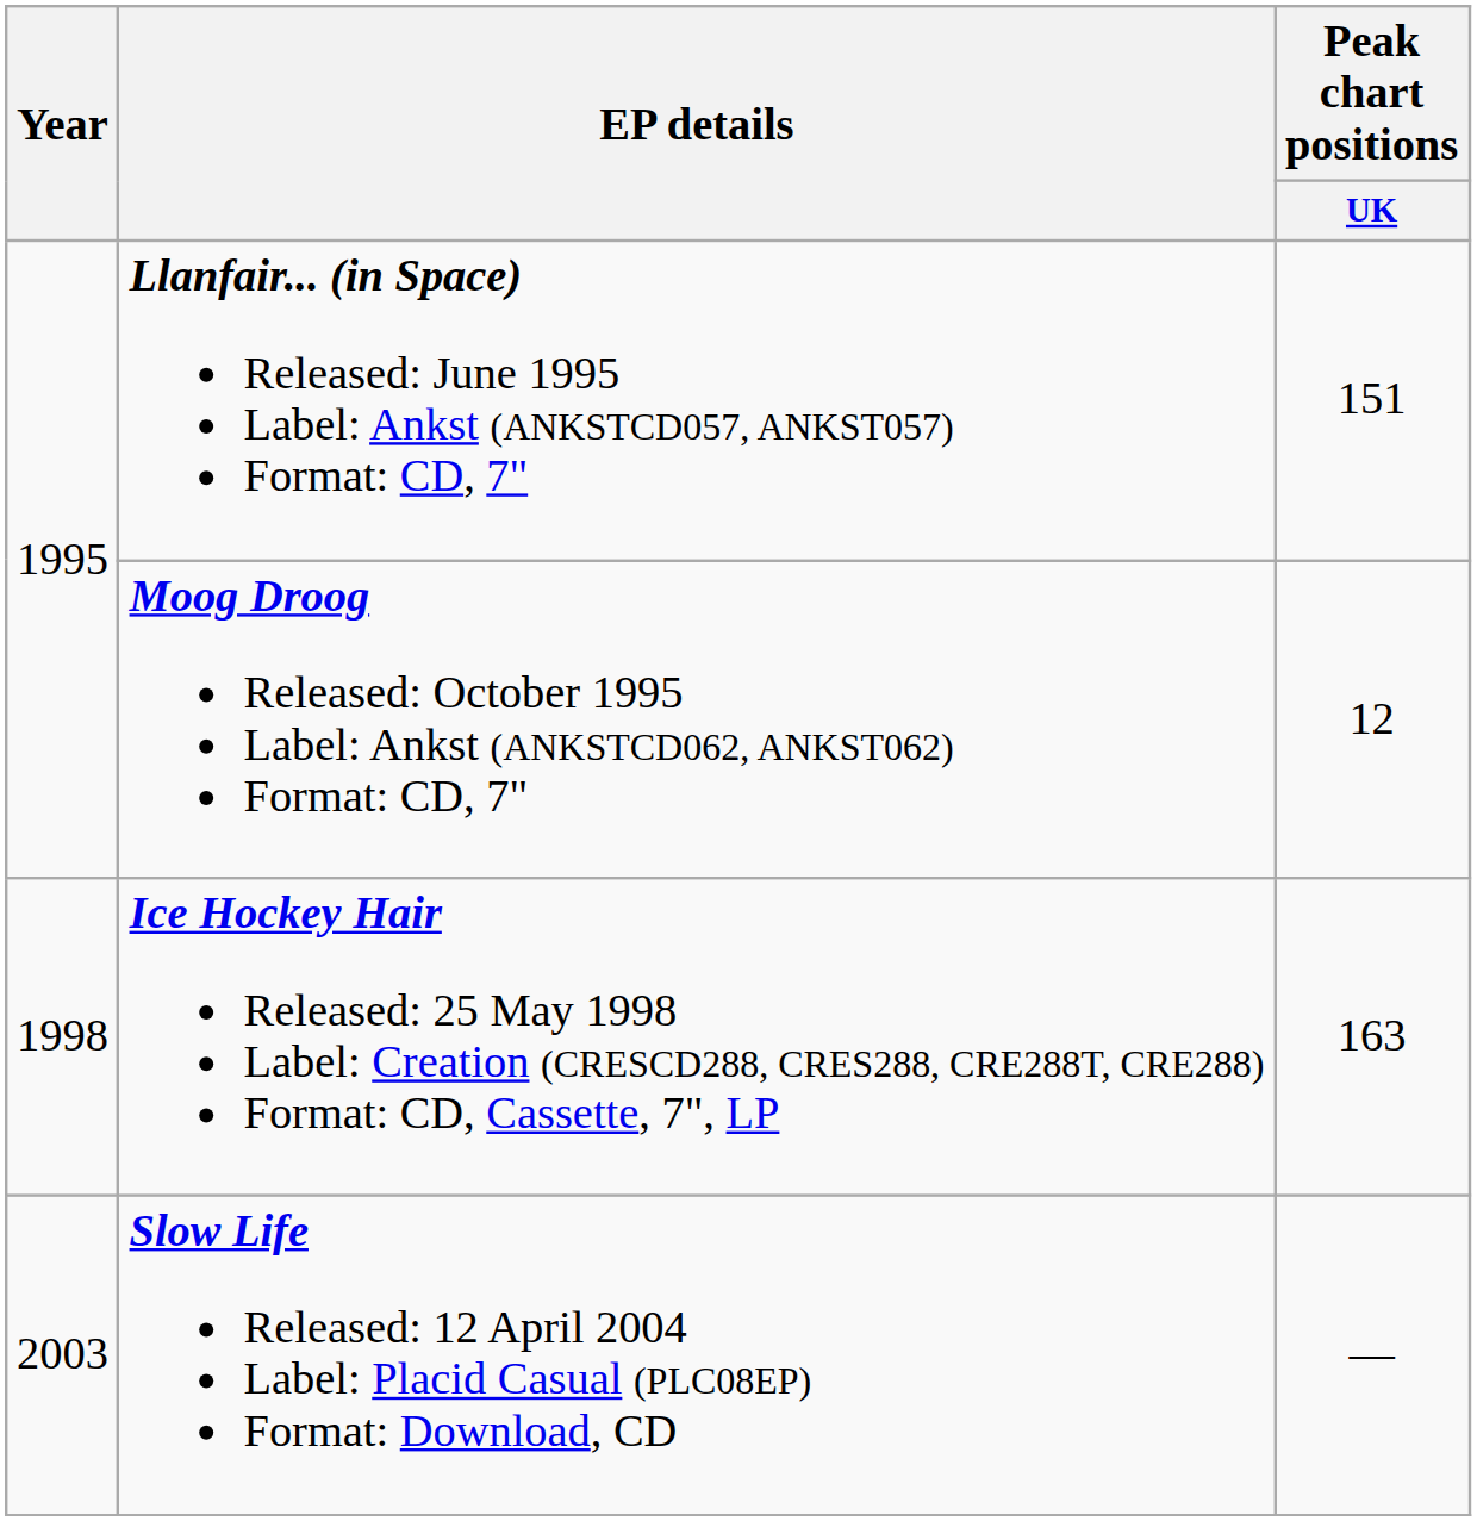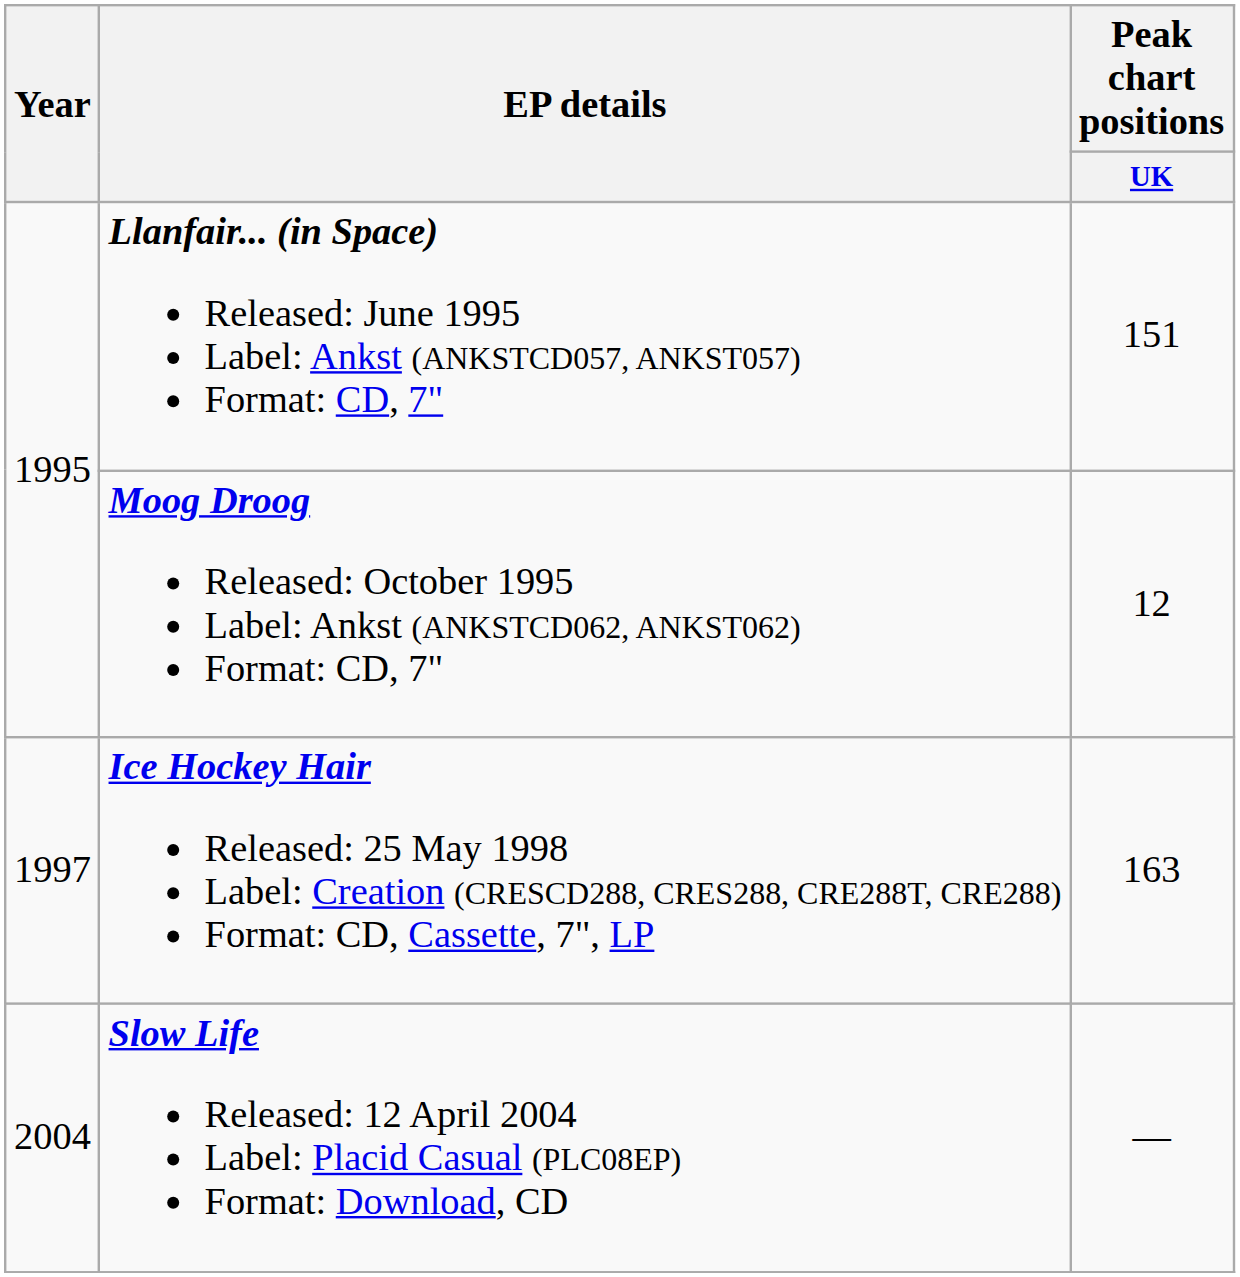 <table class="wikitable" border="1">
 <tr>
 <th rowspan="2">Year</th>
 <th rowspan="2">EP details</th>
 <th>Peak chart positions</th>
 </tr>
 <tr>
 <th style="width:3em;font-size:75%;"><a href='#'>UK</a><br></th>
 </tr>
 <tr>
 <td rowspan="2">1995</td>
 <td><strong><em>Llanfair... (in Space)</em></strong><br><ul><li>Released: June 1995</li><li>Label: <a href='#'>Ankst</a> <small>(ANKSTCD057, ANKST057)</small></li><li>Format: <a href='#'>CD</a>, <a href='#'>7"</a></li></ul></td>
 <td align="center">151</td>
 </tr>
 <tr>
 <td><strong><em><a href='#'>Moog Droog</a></em></strong><br><ul><li>Released: October 1995</li><li>Label: Ankst <small>(ANKSTCD062, ANKST062)</small></li><li>Format: CD, 7"</li></ul></td>
 <td align="center">12</td>
 </tr>
 <tr>
-<td>1998</td>
+<td>1997</td>
 <td><strong><em><a href='#'>Ice Hockey Hair</a></em></strong><br><ul><li>Released: 25 May 1998</li><li>Label: <a href='#'>Creation</a> <small>(CRESCD288, CRES288, CRE288T, CRE288)</small></li><li>Format: CD, <a href='#'>Cassette</a>, 7", <a href='#'>LP</a></li></ul></td>
 <td align="center">163</td>
 </tr>
 <tr>
-<td>2003</td>
+<td>2004</td>
 <td><strong><em><a href='#'>Slow Life</a></em></strong><br><ul><li>Released: 12 April 2004</li><li>Label: <a href='#'>Placid Casual</a> <small>(PLC08EP)</small></li><li>Format: <a href='#'>Download</a>, CD</li></ul></td>
 <td align="center">—</td>
 </tr>
 <tr>
 </tr>
 </table>
